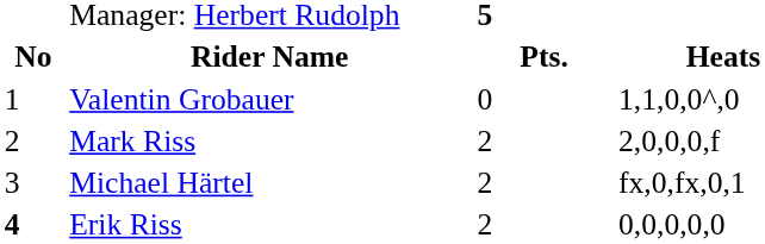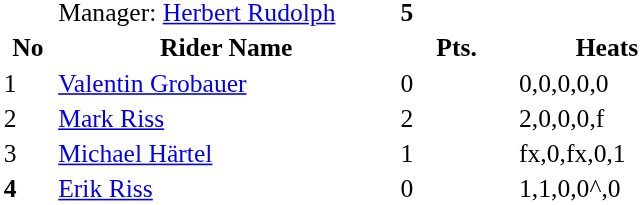 <table class="toccolours">
 <tr>
 <td></td>
 <td>Manager: <a href='#'>Herbert Rudolph</a></td>
 <td><strong>5</strong></td>
 </tr>
 <tr style="background-color:">
 <th width=30px>No</th>
 <th width=210px>Rider Name</th>
 <th width=70px>Pts.</th>
 <th width=110px>Heats</th>
 </tr>
 <tr style="background-color:">
 <td>1</td>
 <td><a href='#'>Valentin Grobauer</a></td>
 <td>0</td>
-<td>1,1,0,0^,0</td>
+<td>0,0,0,0,0</td>
 </tr>
 <tr style="background-color:">
 <td>2</td>
 <td><a href='#'>Mark Riss</a></td>
 <td>2</td>
 <td>2,0,0,0,f</td>
 </tr>
 <tr style="background-color:">
 <td>3</td>
 <td><a href='#'>Michael Härtel</a></td>
-<td>2</td>
+<td>1</td>
 <td>fx,0,fx,0,1</td>
 </tr>
 <tr style="background-color:">
 <td><strong>4</strong></td>
 <td><a href='#'>Erik Riss</a></td>
-<td>2</td>
-<td>0,0,0,0,0</td>
+<td>0</td>
+<td>1,1,0,0^,0</td>
 </tr>
 </table>
